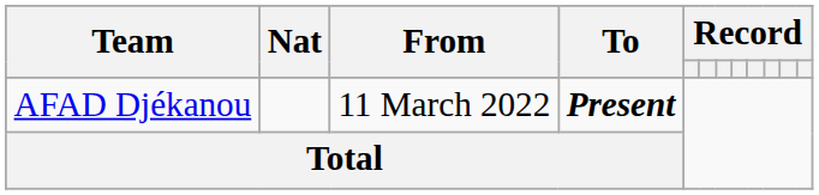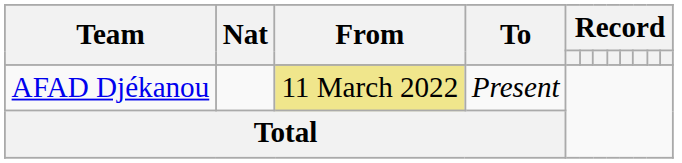 <table class="wikitable" style="text-align: center">
 <tr>
 <th rowspan="2">Team</th>
 <th rowspan="2">Nat</th>
 <th rowspan="2">From</th>
 <th rowspan="2">To</th>
 <th colspan="8">Record</th>
 </tr>
 <tr>
 <th></th>
 <th></th>
 <th></th>
 <th></th>
 <th></th>
 <th></th>
 <th></th>
 <th></th>
 </tr>
 <tr>
 <td align=left><a href='#'>AFAD Djékanou</a></td>
 <td></td>
-<td align=left>11 March 2022</td>
-<td align=left><strong><em>Present</em><br></strong></td>
+<td align=left style="background: khaki;">11 March 2022</td>
+<td align=left><em>Present</em><br></td>
 </tr>
 <tr>
 <th colspan="4">Total<br></th>
 </tr>
 </table>
